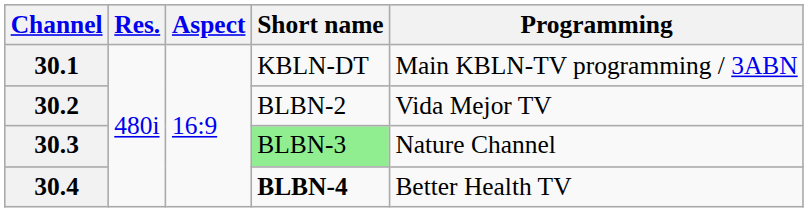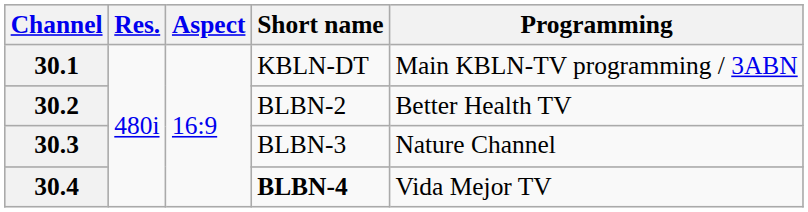 <table class="wikitable">
 <tr>
 <th scope = "col"><a href='#'>Channel</a></th>
 <th scope = "col"><a href='#'>Res.</a></th>
 <th scope = "col"><a href='#'>Aspect</a></th>
 <th scope = "col">Short name</th>
 <th scope = "col">Programming</th>
 </tr>
 <tr>
 <th scope = "row">30.1</th>
 <td rowspan=4><a href='#'>480i</a></td>
 <td rowspan=4><a href='#'>16:9</a></td>
 <td>KBLN-DT</td>
 <td>Main KBLN-TV programming / <a href='#'>3ABN</a></td>
 </tr>
 <tr>
 <th scope = "row">30.2</th>
 <td>BLBN-2</td>
-<td>Vida Mejor TV</td>
+<td>Better Health TV</td>
 </tr>
 <tr>
 <th scope = "row">30.3</th>
-<td style="background: lightgreen;">BLBN-3</td>
+<td>BLBN-3</td>
 <td>Nature Channel</td>
 </tr>
 <tr>
 <th scope = "row">30.4</th>
 <td><strong>BLBN-4</strong></td>
-<td>Better Health TV</td>
+<td>Vida Mejor TV</td>
 </tr>
 </table>
